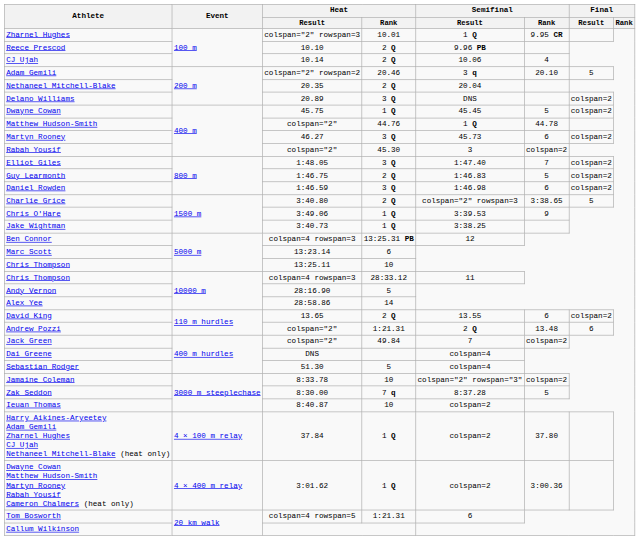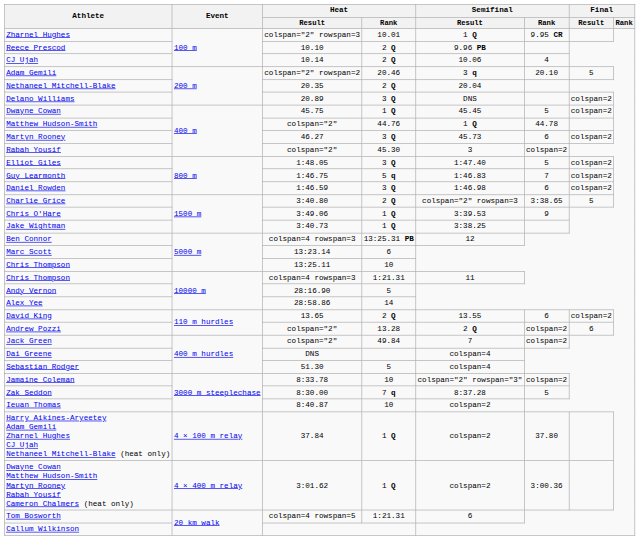 <table class="wikitable" style="font-size:90%">
 <tr>
 <th rowspan=2>Athlete</th>
 <th rowspan=2>Event</th>
 <th colspan=2>Heat</th>
 <th colspan=2>Semifinal</th>
 <th colspan=2>Final</th>
 </tr>
 <tr style="font-size:95%">
 <th>Result</th>
 <th>Rank</th>
 <th>Result</th>
 <th>Rank</th>
 <th>Result</th>
 <th>Rank</th>
 </tr>
 <tr align=center>
 <td align=left><a href='#'>Zharnel Hughes</a></td>
 <td style="text-align:left;" rowspan="3"><a href='#'>100 m</a></td>
 <td>colspan="2" rowspan=3 </td>
 <td>10.01</td>
 <td>1 <strong>Q</strong></td>
 <td>9.95 <strong>CR</strong></td>
 <td></td>
 </tr>
 <tr align=center>
 <td align=left><a href='#'>Reece Prescod</a></td>
 <td>10.10</td>
 <td>2 <strong>Q</strong></td>
 <td>9.96 <strong>PB</strong></td>
 <td></td>
 </tr>
 <tr align=center>
 <td align=left><a href='#'>CJ Ujah</a></td>
 <td>10.14</td>
 <td>2 <strong>Q</strong></td>
 <td>10.06</td>
 <td>4</td>
 </tr>
 <tr align=center>
 <td align=left><a href='#'>Adam Gemili</a></td>
 <td style="text-align:left;" rowspan="3"><a href='#'>200 m</a></td>
 <td>colspan="2" rowspan=2 </td>
 <td>20.46</td>
 <td>3 <strong>q</strong></td>
 <td>20.10</td>
 <td>5</td>
 </tr>
 <tr align=center>
 <td align=left><a href='#'>Nethaneel Mitchell-Blake</a></td>
 <td>20.35</td>
 <td>2 <strong>Q</strong></td>
 <td>20.04</td>
 <td></td>
 </tr>
 <tr align=center>
 <td align=left><a href='#'>Delano Williams</a></td>
 <td>20.89</td>
 <td>3 <strong>Q</strong></td>
 <td>DNS</td>
 <td></td>
 <td>colspan=2 </td>
 </tr>
 <tr align=center>
 <td align=left><a href='#'>Dwayne Cowan</a></td>
 <td style="text-align:left;" rowspan="4"><a href='#'>400 m</a></td>
 <td>45.75</td>
 <td>1 <strong>Q</strong></td>
 <td>45.45</td>
 <td>5</td>
 <td>colspan=2 </td>
 </tr>
 <tr align=center>
 <td align=left><a href='#'>Matthew Hudson-Smith</a></td>
 <td>colspan="2" </td>
 <td>44.76</td>
 <td>1 <strong>Q</strong></td>
 <td>44.78</td>
 <td></td>
 </tr>
 <tr align=center>
 <td align=left><a href='#'>Martyn Rooney</a></td>
 <td>46.27</td>
 <td>3 <strong>Q</strong></td>
 <td>45.73</td>
 <td>6</td>
 <td>colspan=2 </td>
 </tr>
 <tr align=center>
 <td align=left><a href='#'>Rabah Yousif</a></td>
 <td>colspan="2" </td>
 <td>45.30</td>
 <td>3</td>
 <td>colspan=2 </td>
 </tr>
 <tr align=center>
 <td align=left><a href='#'>Elliot Giles</a></td>
 <td style="text-align:left;" rowspan="3"><a href='#'>800 m</a></td>
 <td>1:48.05</td>
 <td>3 <strong>Q</strong></td>
 <td>1:47.40</td>
-<td>7</td>
+<td>5</td>
 <td>colspan=2 </td>
 </tr>
 <tr align=center>
 <td align=left><a href='#'>Guy Learmonth</a></td>
 <td>1:46.75</td>
-<td>2 <strong>Q</strong></td>
+<td>5 <strong>q</strong></td>
 <td>1:46.83</td>
-<td>5</td>
+<td>7</td>
 <td>colspan=2 </td>
 </tr>
 <tr align=center>
 <td align=left><a href='#'>Daniel Rowden</a></td>
 <td>1:46.59</td>
 <td>3 <strong>Q</strong></td>
 <td>1:46.98</td>
 <td>6</td>
 <td>colspan=2 </td>
 </tr>
 <tr align=center>
 <td align=left><a href='#'>Charlie Grice</a></td>
 <td style="text-align:left;" rowspan="3"><a href='#'>1500 m</a></td>
 <td>3:40.80</td>
 <td>2 <strong>Q</strong></td>
 <td>colspan="2" rowspan=3 </td>
 <td>3:38.65</td>
 <td>5</td>
 </tr>
 <tr align=center>
 <td align=left><a href='#'>Chris O'Hare</a></td>
 <td>3:49.06</td>
 <td>1 <strong>Q</strong></td>
 <td>3:39.53</td>
 <td>9</td>
 </tr>
 <tr align=center>
 <td align=left><a href='#'>Jake Wightman</a></td>
 <td>3:40.73</td>
 <td>1 <strong>Q</strong></td>
 <td>3:38.25</td>
 <td></td>
 </tr>
 <tr align=center>
 <td align=left><a href='#'>Ben Connor</a></td>
 <td style="text-align:left;" rowspan="3"><a href='#'>5000 m</a></td>
 <td>colspan=4 rowspan=3 </td>
 <td>13:25.31 <strong>PB</strong></td>
 <td>12</td>
 </tr>
 <tr align=center>
 <td align=left><a href='#'>Marc Scott</a></td>
 <td>13:23.14</td>
 <td>6</td>
 </tr>
 <tr align=center>
 <td align=left><a href='#'>Chris Thompson</a></td>
 <td>13:25.11</td>
 <td>10</td>
 </tr>
 <tr align=center>
 <td align=left><a href='#'>Chris Thompson</a></td>
 <td align=left rowspan=3><a href='#'>10000 m</a></td>
 <td>colspan=4 rowspan=3 </td>
-<td>28:33.12</td>
+<td>1:21.31</td>
 <td>11</td>
 </tr>
 <tr align=center>
 <td align=left><a href='#'>Andy Vernon</a></td>
 <td>28:16.90</td>
 <td>5</td>
 </tr>
 <tr align=center>
 <td align=left><a href='#'>Alex Yee</a></td>
 <td>28:58.86</td>
 <td>14</td>
 </tr>
 <tr align=center>
 <td align=left><a href='#'>David King</a></td>
 <td style="text-align:left;" rowspan="2"><a href='#'>110 m hurdles</a></td>
 <td>13.65</td>
 <td>2 <strong>Q</strong></td>
 <td>13.55</td>
 <td>6</td>
 <td>colspan=2 </td>
 </tr>
 <tr align=center>
 <td align=left><a href='#'>Andrew Pozzi</a></td>
 <td>colspan="2" </td>
-<td>1:21.31</td>
+<td>13.28</td>
 <td>2 <strong>Q</strong></td>
-<td>13.48</td>
+<td>colspan=2 </td>
 <td>6</td>
 </tr>
 <tr align=center>
 <td align=left><a href='#'>Jack Green</a></td>
 <td style="text-align:left;" rowspan="3"><a href='#'>400 m hurdles</a></td>
 <td>colspan="2" </td>
 <td>49.84</td>
 <td>7</td>
 <td>colspan=2 </td>
 </tr>
 <tr align=center>
 <td align=left><a href='#'>Dai Greene</a></td>
 <td>DNS</td>
 <td></td>
 <td>colspan=4 </td>
 </tr>
 <tr align=center>
 <td align=left><a href='#'>Sebastian Rodger</a></td>
 <td>51.30</td>
 <td>5</td>
 <td>colspan=4 </td>
 </tr>
 <tr align=center>
 <td align=left><a href='#'>Jamaine Coleman</a></td>
 <td style="text-align:left;" rowspan="3"><a href='#'>3000 m steeplechase</a></td>
 <td>8:33.78</td>
 <td>10</td>
 <td>colspan="2" rowspan="3" </td>
 <td>colspan=2 </td>
 </tr>
 <tr align=center>
 <td align=left><a href='#'>Zak Seddon</a></td>
 <td>8:30.00</td>
 <td>7 <strong>q</strong></td>
 <td>8:37.28</td>
 <td>5</td>
 </tr>
 <tr align=center>
 <td align=left><a href='#'>Ieuan Thomas</a></td>
 <td>8:40.87</td>
 <td>10</td>
 <td>colspan=2 </td>
 </tr>
 <tr align=center>
 <td align=left><a href='#'>Harry Aikines-Aryeetey</a><br><a href='#'>Adam Gemili</a><br><a href='#'>Zharnel Hughes</a><br><a href='#'>CJ Ujah</a><br><a href='#'>Nethaneel Mitchell-Blake</a> (heat only)</td>
 <td align=left><a href='#'>4 × 100 m relay</a></td>
 <td>37.84</td>
 <td>1 <strong>Q</strong></td>
 <td>colspan=2 </td>
 <td>37.80</td>
 <td></td>
 </tr>
 <tr align=center>
 <td align=left><a href='#'>Dwayne Cowan</a><br><a href='#'>Matthew Hudson-Smith</a><br><a href='#'>Martyn Rooney</a><br><a href='#'>Rabah Yousif</a><br><a href='#'>Cameron Chalmers</a> (heat only)</td>
 <td align=left><a href='#'>4 × 400 m relay</a></td>
 <td>3:01.62</td>
 <td>1 <strong>Q</strong></td>
 <td>colspan=2 </td>
 <td>3:00.36</td>
 <td></td>
 </tr>
 <tr align=center>
 <td align=left><a href='#'>Tom Bosworth</a></td>
 <td style="text-align:left;" rowspan="2"><a href='#'>20 km walk</a></td>
 <td>colspan=4 rowspan=5 </td>
 <td>1:21.31</td>
 <td>6</td>
 </tr>
 <tr align=center>
 <td align=left><a href='#'>Callum Wilkinson</a></td>
 <td colspan=2></td>
 </tr>
 </table>
